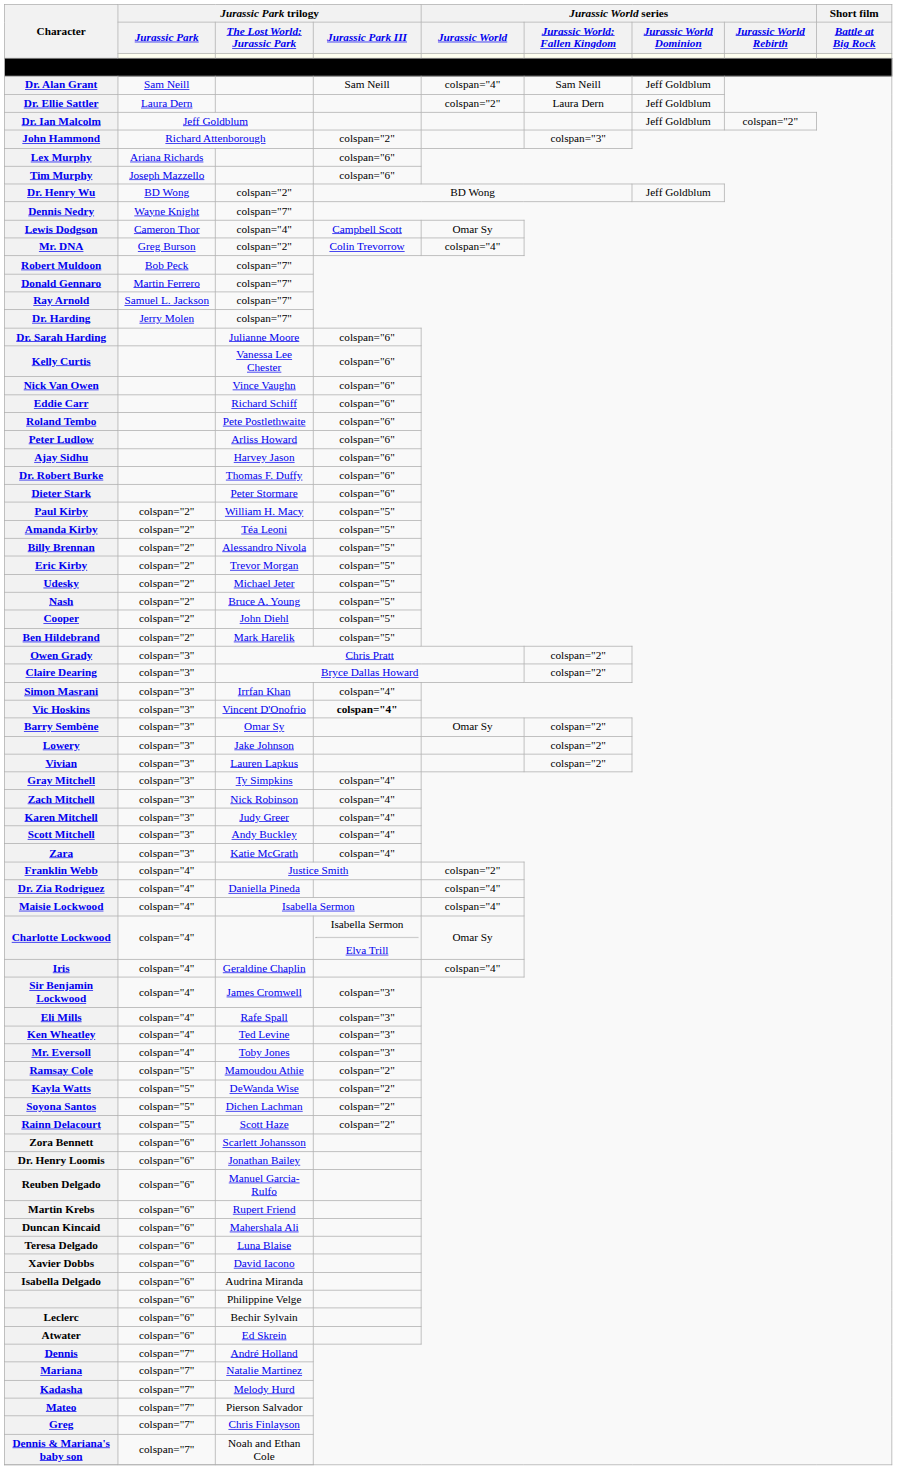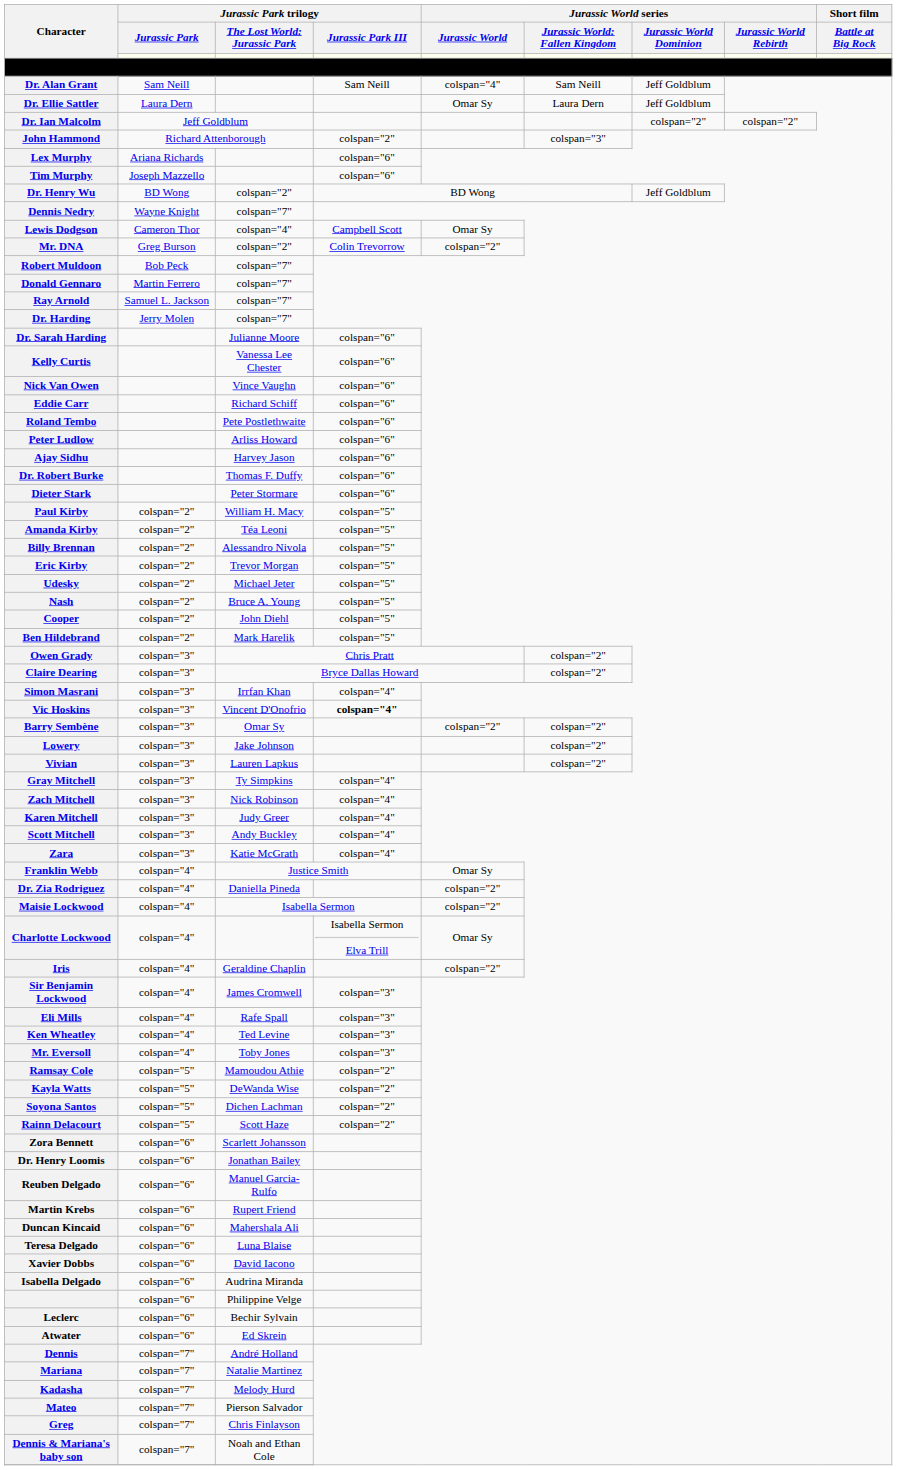 <table class="wikitable" style="text-align:center; width:99%; font-size:99%">
 <tr>
 <th rowspan="3" width="10.5%">Character</th>
 <th colspan="3" align="center"><em>Jurassic Park</em> trilogy</th>
 <th colspan="4" align="center"><em>Jurassic World</em> series</th>
 <th align="center" width="7%">Short film</th>
 </tr>
 <tr>
 <th align="center" width="9%"><a href='#'><em>Jurassic Park</em></a></th>
 <th align="center" width="9%"><a href='#'><em>The Lost World:<br>Jurassic Park</em></a></th>
 <th align="center" width="10%"><em><a href='#'>Jurassic Park III</a></em></th>
 <th align="center" width="9.5%"><em><a href='#'>Jurassic World</a></em></th>
 <th align="center" width="10%"><a href='#'><em>Jurassic World:<br>Fallen Kingdom</em></a></th>
 <th align="center" width="8.5%"><a href='#'><em>Jurassic World<br>Dominion</em></a></th>
 <th align="center" width="8.5%"><a href='#'><em>Jurassic World<br>Rebirth</em></a></th>
 <th align="center" width="6.5%"><a href='#'><em>Battle at<br>Big Rock</em></a></th>
 </tr>
 <tr>
 <td style="background:ivory;"></td>
 <td style="background:ivory;"></td>
 <td style="background:ivory;"></td>
 <td style="background:ivory;"></td>
 <td style="background:ivory;"></td>
 <td style="background:ivory;"></td>
 <td style="background:ivory;"></td>
 <td style="background:ivory;"></td>
 </tr>
 <tr>
 <th colspan="9" style="background-color:black;"><span>Cast</span></th>
 </tr>
 <tr>
 <th><a href='#'>Dr. Alan Grant</a></th>
 <td><a href='#'>Sam Neill</a></td>
 <td></td>
 <td>Sam Neill</td>
 <td>colspan="4" </td>
 <td>Sam Neill</td>
 <td>Jeff Goldblum</td>
 </tr>
 <tr>
 <th><a href='#'>Dr. Ellie Sattler</a></th>
 <td><a href='#'>Laura Dern</a></td>
 <td></td>
 <td></td>
-<td>colspan="2" </td>
+<td>Omar Sy</td>
 <td>Laura Dern</td>
 <td>Jeff Goldblum</td>
 </tr>
 <tr>
 <th><a href='#'>Dr. Ian Malcolm</a></th>
 <td colspan="2"><a href='#'>Jeff Goldblum</a></td>
 <td></td>
 <td></td>
 <td></td>
-<td>Jeff Goldblum</td>
+<td>colspan="2" </td>
 <td>colspan="2" </td>
 </tr>
 <tr>
 <th><a href='#'>John Hammond</a></th>
 <td colspan="2"><a href='#'>Richard Attenborough</a></td>
 <td>colspan="2" </td>
 <td></td>
 <td>colspan="3" </td>
 </tr>
 <tr>
 <th><a href='#'>Lex Murphy</a></th>
 <td><a href='#'>Ariana Richards</a></td>
 <td></td>
 <td>colspan="6" </td>
 </tr>
 <tr>
 <th><a href='#'>Tim Murphy</a></th>
 <td><a href='#'>Joseph Mazzello</a></td>
 <td></td>
 <td>colspan="6" </td>
 </tr>
 <tr>
 <th><a href='#'>Dr. Henry Wu</a></th>
 <td><a href='#'>BD Wong</a></td>
 <td>colspan="2" </td>
 <td colspan="3">BD Wong</td>
 <td>Jeff Goldblum</td>
 </tr>
 <tr>
 <th><a href='#'>Dennis Nedry</a></th>
 <td><a href='#'>Wayne Knight</a></td>
 <td>colspan="7" </td>
 </tr>
 <tr>
 <th><a href='#'>Lewis Dodgson</a></th>
 <td><a href='#'>Cameron Thor</a></td>
 <td>colspan="4" </td>
 <td><a href='#'>Campbell Scott</a></td>
 <td>Omar Sy</td>
 </tr>
 <tr>
 <th><a href='#'>Mr. DNA</a></th>
 <td><a href='#'>Greg Burson</a></td>
 <td>colspan="2" </td>
 <td><a href='#'>Colin Trevorrow</a></td>
-<td>colspan="4" </td>
+<td>colspan="2" </td>
 </tr>
 <tr>
 <th><a href='#'>Robert Muldoon</a></th>
 <td><a href='#'>Bob Peck</a></td>
 <td>colspan="7" </td>
 </tr>
 <tr>
 <th><a href='#'>Donald Gennaro</a></th>
 <td><a href='#'>Martin Ferrero</a></td>
 <td>colspan="7" </td>
 </tr>
 <tr>
 <th><a href='#'>Ray Arnold</a></th>
 <td><a href='#'>Samuel L. Jackson</a></td>
 <td>colspan="7" </td>
 </tr>
 <tr>
 <th><a href='#'>Dr. Harding</a></th>
 <td><a href='#'>Jerry Molen</a></td>
 <td>colspan="7" </td>
 </tr>
 <tr>
 <th><a href='#'>Dr. Sarah Harding</a></th>
 <td></td>
 <td><a href='#'>Julianne Moore</a></td>
 <td>colspan="6" </td>
 </tr>
 <tr>
 <th><a href='#'>Kelly Curtis</a></th>
 <td></td>
 <td><a href='#'>Vanessa Lee Chester</a></td>
 <td>colspan="6" </td>
 </tr>
 <tr>
 <th><a href='#'>Nick Van Owen</a></th>
 <td></td>
 <td><a href='#'>Vince Vaughn</a></td>
 <td>colspan="6" </td>
 </tr>
 <tr>
 <th><a href='#'>Eddie Carr</a></th>
 <td></td>
 <td><a href='#'>Richard Schiff</a></td>
 <td>colspan="6" </td>
 </tr>
 <tr>
 <th><a href='#'>Roland Tembo</a></th>
 <td></td>
 <td><a href='#'>Pete Postlethwaite</a></td>
 <td>colspan="6" </td>
 </tr>
 <tr>
 <th><a href='#'>Peter Ludlow</a></th>
 <td></td>
 <td><a href='#'>Arliss Howard</a></td>
 <td>colspan="6" </td>
 </tr>
 <tr>
 <th><a href='#'>Ajay Sidhu</a></th>
 <td></td>
 <td><a href='#'>Harvey Jason</a></td>
 <td>colspan="6" </td>
 </tr>
 <tr>
 <th><a href='#'>Dr. Robert Burke</a></th>
 <td></td>
 <td><a href='#'>Thomas F. Duffy</a></td>
 <td>colspan="6" </td>
 </tr>
 <tr>
 <th><a href='#'>Dieter Stark</a></th>
 <td></td>
 <td><a href='#'>Peter Stormare</a></td>
 <td>colspan="6" </td>
 </tr>
 <tr>
 <th><a href='#'>Paul Kirby</a></th>
 <td>colspan="2" </td>
 <td><a href='#'>William H. Macy</a></td>
 <td>colspan="5" </td>
 </tr>
 <tr>
 <th><a href='#'>Amanda Kirby</a></th>
 <td>colspan="2" </td>
 <td><a href='#'>Téa Leoni</a></td>
 <td>colspan="5" </td>
 </tr>
 <tr>
 <th><a href='#'>Billy Brennan</a></th>
 <td>colspan="2" </td>
 <td><a href='#'>Alessandro Nivola</a></td>
 <td>colspan="5" </td>
 </tr>
 <tr>
 <th><a href='#'>Eric Kirby</a></th>
 <td>colspan="2" </td>
 <td><a href='#'>Trevor Morgan</a></td>
 <td>colspan="5" </td>
 </tr>
 <tr>
 <th><a href='#'>Udesky</a></th>
 <td>colspan="2" </td>
 <td><a href='#'>Michael Jeter</a></td>
 <td>colspan="5" </td>
 </tr>
 <tr>
 <th><a href='#'>Nash</a></th>
 <td>colspan="2" </td>
 <td><a href='#'>Bruce A. Young</a></td>
 <td>colspan="5" </td>
 </tr>
 <tr>
 <th><a href='#'>Cooper</a></th>
 <td>colspan="2" </td>
 <td><a href='#'>John Diehl</a></td>
 <td>colspan="5" </td>
 </tr>
 <tr>
 <th><a href='#'> Ben Hildebrand</a></th>
 <td>colspan="2" </td>
 <td><a href='#'>Mark Harelik</a></td>
 <td>colspan="5" </td>
 </tr>
 <tr>
 <th><a href='#'>Owen Grady</a></th>
 <td>colspan="3" </td>
 <td colspan="3"><a href='#'>Chris Pratt</a></td>
 <td>colspan="2" </td>
 </tr>
 <tr>
 <th><a href='#'>Claire Dearing</a></th>
 <td>colspan="3" </td>
 <td colspan="3"><a href='#'>Bryce Dallas Howard</a></td>
 <td>colspan="2" </td>
 </tr>
 <tr>
 <th><a href='#'>Simon Masrani</a></th>
 <td>colspan="3" </td>
 <td><a href='#'>Irrfan Khan</a></td>
 <td>colspan="4" </td>
 </tr>
 <tr>
 <th><a href='#'>Vic Hoskins</a></th>
 <td>colspan="3" </td>
 <td><a href='#'>Vincent D'Onofrio</a></td>
 <td><strong>colspan="4" </strong></td>
 </tr>
 <tr>
 <th><a href='#'>Barry Sembène</a></th>
 <td>colspan="3" </td>
 <td><a href='#'>Omar Sy</a></td>
 <td></td>
-<td>Omar Sy</td>
+<td>colspan="2" </td>
 <td>colspan="2" </td>
 </tr>
 <tr>
 <th><a href='#'>Lowery</a></th>
 <td>colspan="3" </td>
 <td><a href='#'>Jake Johnson</a></td>
 <td></td>
 <td></td>
 <td>colspan="2" </td>
 </tr>
 <tr>
 <th><a href='#'>Vivian</a></th>
 <td>colspan="3" </td>
 <td><a href='#'>Lauren Lapkus</a></td>
 <td></td>
 <td></td>
 <td>colspan="2" </td>
 </tr>
 <tr>
 <th><a href='#'>Gray Mitchell</a></th>
 <td>colspan="3" </td>
 <td><a href='#'>Ty Simpkins</a></td>
 <td>colspan="4" </td>
 </tr>
 <tr>
 <th><a href='#'>Zach Mitchell</a></th>
 <td>colspan="3" </td>
 <td><a href='#'>Nick Robinson</a></td>
 <td>colspan="4" </td>
 </tr>
 <tr>
 <th><a href='#'>Karen Mitchell</a></th>
 <td>colspan="3" </td>
 <td><a href='#'>Judy Greer</a></td>
 <td>colspan="4" </td>
 </tr>
 <tr>
 <th><a href='#'>Scott Mitchell</a></th>
 <td>colspan="3" </td>
 <td><a href='#'>Andy Buckley</a></td>
 <td>colspan="4" </td>
 </tr>
 <tr>
 <th><a href='#'>Zara</a></th>
 <td>colspan="3" </td>
 <td><a href='#'>Katie McGrath</a></td>
 <td>colspan="4" </td>
 </tr>
 <tr>
 <th><a href='#'>Franklin Webb</a></th>
 <td>colspan="4" </td>
 <td colspan="2"><a href='#'>Justice Smith</a></td>
-<td>colspan="2" </td>
+<td>Omar Sy</td>
 </tr>
 <tr>
 <th><a href='#'>Dr. Zia Rodriguez</a></th>
 <td>colspan="4" </td>
 <td><a href='#'>Daniella Pineda</a></td>
 <td></td>
-<td>colspan="4" </td>
+<td>colspan="2" </td>
 </tr>
 <tr>
 <th><a href='#'>Maisie Lockwood</a></th>
 <td>colspan="4" </td>
 <td colspan="2"><a href='#'>Isabella Sermon</a></td>
-<td>colspan="4" </td>
+<td>colspan="2" </td>
 </tr>
 <tr>
 <th><a href='#'>Charlotte Lockwood</a></th>
 <td>colspan="4" </td>
 <td></td>
 <td>Isabella Sermon<hr><a href='#'>Elva Trill</a></td>
 <td>Omar Sy</td>
 </tr>
 <tr>
 <th><a href='#'>Iris</a></th>
 <td>colspan="4" </td>
 <td><a href='#'>Geraldine Chaplin</a></td>
 <td></td>
-<td>colspan="4" </td>
+<td>colspan="2" </td>
 </tr>
 <tr>
 <th><a href='#'>Sir Benjamin Lockwood</a></th>
 <td>colspan="4" </td>
 <td><a href='#'>James Cromwell</a></td>
 <td>colspan="3" </td>
 </tr>
 <tr>
 <th><a href='#'>Eli Mills</a></th>
 <td>colspan="4" </td>
 <td><a href='#'>Rafe Spall</a></td>
 <td>colspan="3" </td>
 </tr>
 <tr>
 <th><a href='#'>Ken Wheatley</a></th>
 <td>colspan="4" </td>
 <td><a href='#'>Ted Levine</a></td>
 <td>colspan="3" </td>
 </tr>
 <tr>
 <th><a href='#'>Mr. Eversoll</a></th>
 <td>colspan="4" </td>
 <td><a href='#'>Toby Jones</a></td>
 <td>colspan="3" </td>
 </tr>
 <tr>
 <th><a href='#'>Ramsay Cole</a></th>
 <td>colspan="5" </td>
 <td><a href='#'>Mamoudou Athie</a></td>
 <td>colspan="2" </td>
 </tr>
 <tr>
 <th><a href='#'>Kayla Watts</a></th>
 <td>colspan="5" </td>
 <td><a href='#'>DeWanda Wise</a></td>
 <td>colspan="2" </td>
 </tr>
 <tr>
 <th><a href='#'>Soyona Santos</a></th>
 <td>colspan="5" </td>
 <td><a href='#'>Dichen Lachman</a></td>
 <td>colspan="2" </td>
 </tr>
 <tr>
 <th><a href='#'>Rainn Delacourt</a></th>
 <td>colspan="5" </td>
 <td><a href='#'>Scott Haze</a></td>
 <td>colspan="2" </td>
 </tr>
 <tr>
 <th>Zora Bennett</th>
 <td>colspan="6" </td>
 <td><a href='#'>Scarlett Johansson</a></td>
 <td></td>
 </tr>
 <tr>
 <th>Dr. Henry Loomis</th>
 <td>colspan="6" </td>
 <td><a href='#'>Jonathan Bailey</a></td>
 <td></td>
 </tr>
 <tr>
 <th>Reuben Delgado</th>
 <td>colspan="6" </td>
 <td><a href='#'>Manuel Garcia-Rulfo</a></td>
 <td></td>
 </tr>
 <tr>
 <th>Martin Krebs</th>
 <td>colspan="6" </td>
 <td><a href='#'>Rupert Friend</a></td>
 <td></td>
 </tr>
 <tr>
 <th>Duncan Kincaid</th>
 <td>colspan="6" </td>
 <td><a href='#'>Mahershala Ali</a></td>
 <td></td>
 </tr>
 <tr>
 <th>Teresa Delgado</th>
 <td>colspan="6" </td>
 <td><a href='#'>Luna Blaise</a></td>
 <td></td>
 </tr>
 <tr>
 <th>Xavier Dobbs</th>
 <td>colspan="6" </td>
 <td><a href='#'>David Iacono</a></td>
 <td></td>
 </tr>
 <tr>
 <th>Isabella Delgado</th>
 <td>colspan="6" </td>
 <td>Audrina Miranda</td>
 <td></td>
 </tr>
 <tr>
 <th></th>
 <td>colspan="6" </td>
 <td>Philippine Velge</td>
 <td></td>
 </tr>
 <tr>
 <th>Leclerc</th>
 <td>colspan="6" </td>
 <td>Bechir Sylvain</td>
 <td></td>
 </tr>
 <tr>
 <th>Atwater</th>
 <td>colspan="6" </td>
 <td><a href='#'>Ed Skrein</a></td>
 <td></td>
 </tr>
 <tr>
 <th><a href='#'>Dennis</a></th>
 <td>colspan="7" </td>
 <td><a href='#'>André Holland</a></td>
 </tr>
 <tr>
 <th><a href='#'>Mariana</a></th>
 <td>colspan="7" </td>
 <td><a href='#'>Natalie Martinez</a></td>
 </tr>
 <tr>
 <th><a href='#'>Kadasha</a></th>
 <td>colspan="7" </td>
 <td><a href='#'>Melody Hurd</a></td>
 </tr>
 <tr>
 <th><a href='#'>Mateo</a></th>
 <td>colspan="7" </td>
 <td>Pierson Salvador</td>
 </tr>
 <tr>
 <th><a href='#'>Greg</a></th>
 <td>colspan="7" </td>
 <td><a href='#'>Chris Finlayson</a></td>
 </tr>
 <tr>
 <th><a href='#'>Dennis & Mariana's baby son</a></th>
 <td>colspan="7" </td>
 <td>Noah and Ethan Cole</td>
 </tr>
 <tr>
 </tr>
 </table>
